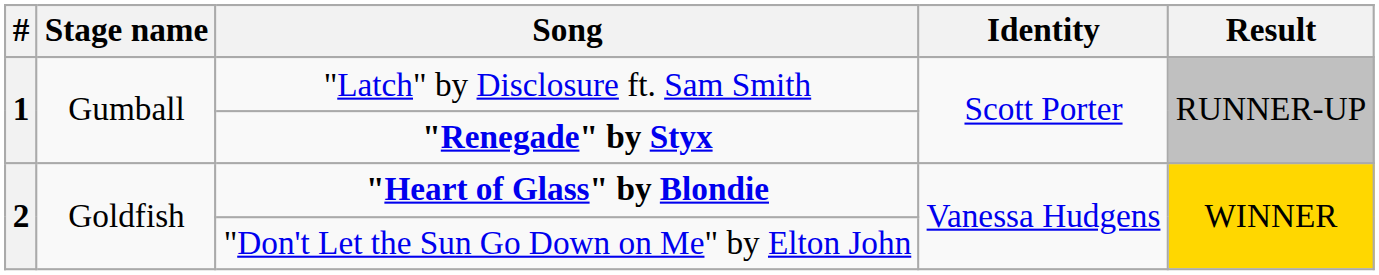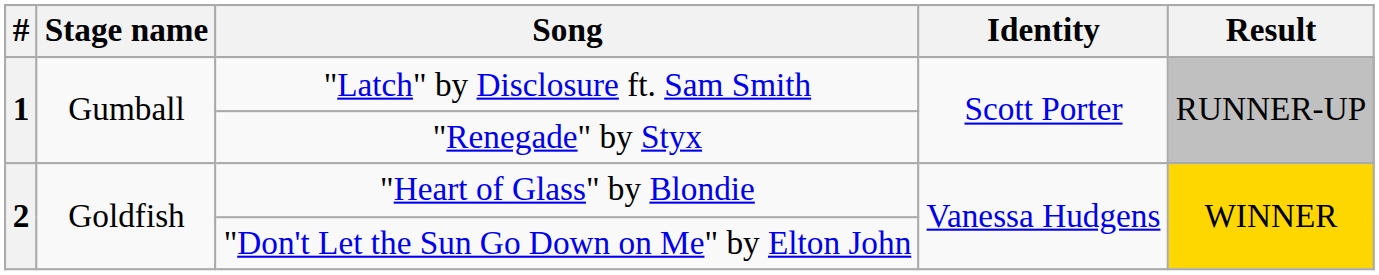 <table class="wikitable plainrowheaders" style="text-align: center;">
 <tr>
 <th>#</th>
 <th>Stage name</th>
 <th>Song</th>
 <th>Identity</th>
 <th>Result</th>
 </tr>
 <tr>
 <th rowspan="2">1</th>
 <td rowspan="2">Gumball</td>
 <td>"<a href='#'>Latch</a>" by <a href='#'>Disclosure</a> ft. <a href='#'>Sam Smith</a></td>
 <td rowspan="2"><a href='#'>Scott Porter</a></td>
 <td bgcolor=silver rowspan=2>RUNNER-UP</td>
 </tr>
 <tr>
-<td><strong>"<a href='#'>Renegade</a>" by <a href='#'>Styx</a></strong></td>
+<td>"<a href='#'>Renegade</a>" by <a href='#'>Styx</a></td>
 </tr>
 <tr>
 <th rowspan="2">2</th>
 <td rowspan="2">Goldfish</td>
-<td><strong>"<a href='#'>Heart of Glass</a>" by <a href='#'>Blondie</a></strong></td>
+<td>"<a href='#'>Heart of Glass</a>" by <a href='#'>Blondie</a></td>
 <td rowspan="2"><a href='#'>Vanessa Hudgens</a></td>
 <td bgcolor=gold rowspan=2>WINNER</td>
 </tr>
 <tr>
 <td>"<a href='#'>Don't Let the Sun Go Down on Me</a>" by <a href='#'>Elton John</a></td>
 </tr>
 </table>
